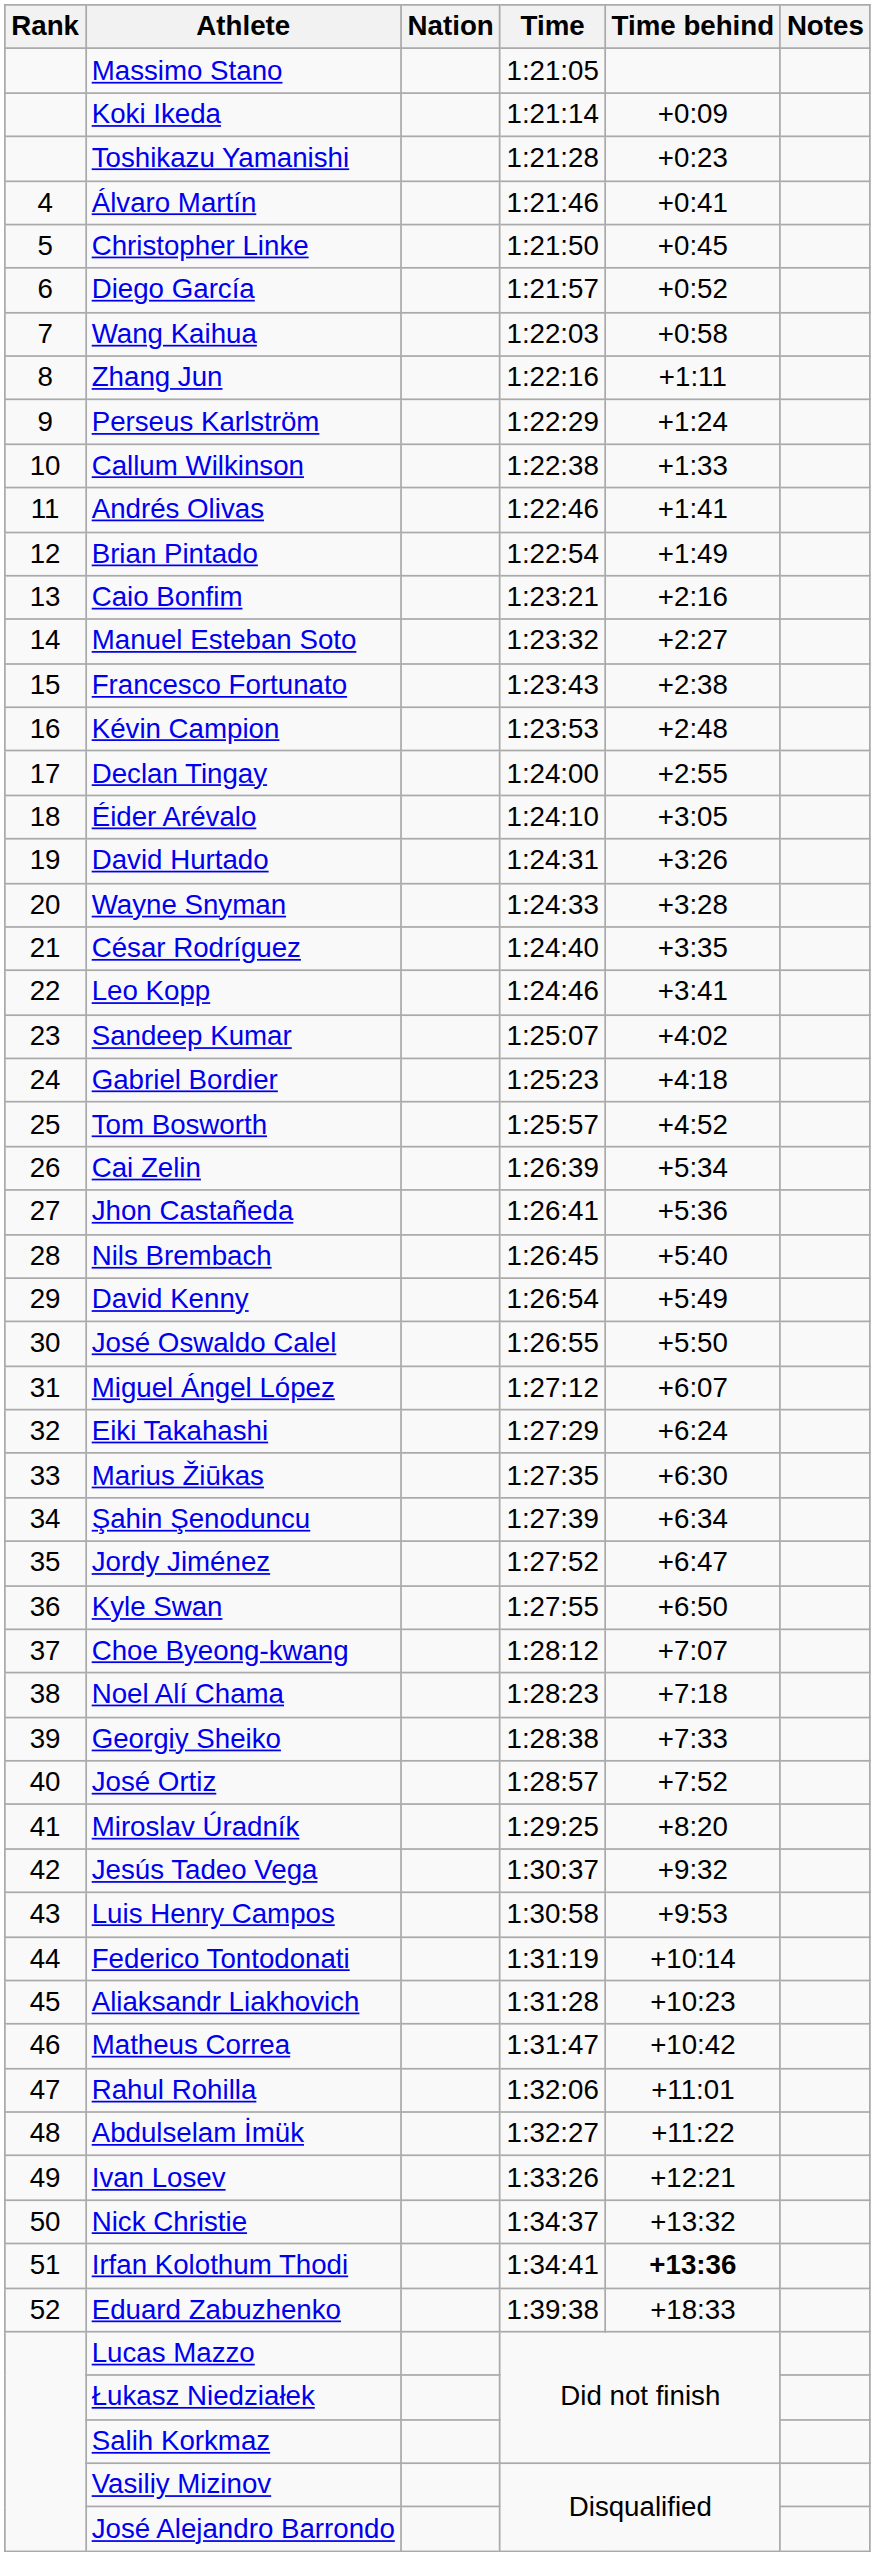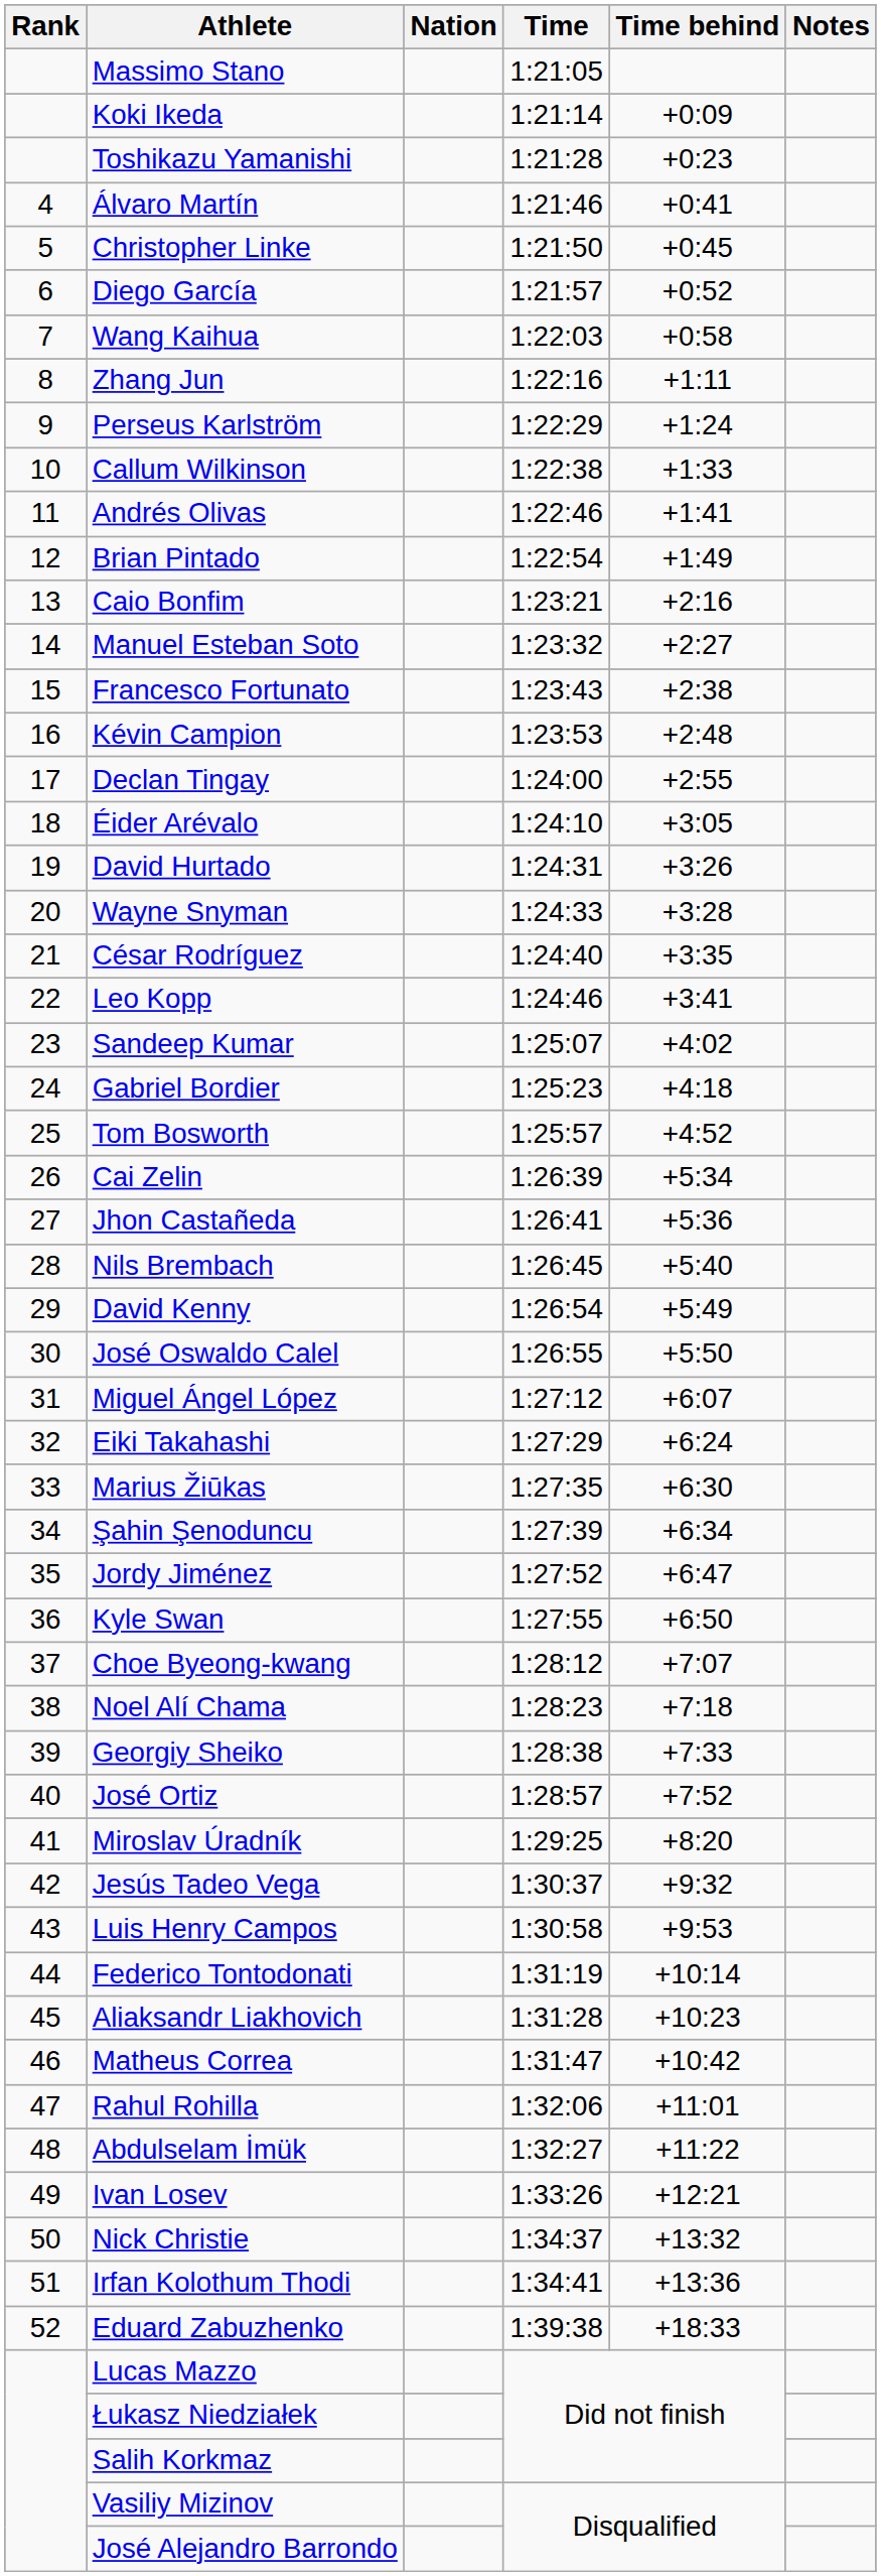 <table class="wikitable sortable" style="text-align:center">
 <tr>
 <th>Rank</th>
 <th>Athlete</th>
 <th>Nation</th>
 <th>Time</th>
 <th>Time behind</th>
 <th>Notes</th>
 </tr>
 <tr>
 <td></td>
 <td align=left><a href='#'>Massimo Stano</a></td>
 <td align=left></td>
 <td>1:21:05</td>
 <td></td>
 <td></td>
 </tr>
 <tr>
 <td></td>
 <td align=left><a href='#'>Koki Ikeda</a></td>
 <td align=left></td>
 <td>1:21:14</td>
 <td>+0:09</td>
 <td></td>
 </tr>
 <tr>
 <td></td>
 <td align=left><a href='#'>Toshikazu Yamanishi</a></td>
 <td align=left></td>
 <td>1:21:28</td>
 <td>+0:23</td>
 <td></td>
 </tr>
 <tr>
 <td>4</td>
 <td align=left><a href='#'>Álvaro Martín</a></td>
 <td align=left></td>
 <td>1:21:46</td>
 <td>+0:41</td>
 <td></td>
 </tr>
 <tr>
 <td>5</td>
 <td align=left><a href='#'>Christopher Linke</a></td>
 <td align=left></td>
 <td>1:21:50</td>
 <td>+0:45</td>
 <td></td>
 </tr>
 <tr>
 <td>6</td>
 <td align=left><a href='#'>Diego García</a></td>
 <td align=left></td>
 <td>1:21:57</td>
 <td>+0:52</td>
 <td></td>
 </tr>
 <tr>
 <td>7</td>
 <td align=left><a href='#'>Wang Kaihua</a></td>
 <td align=left></td>
 <td>1:22:03</td>
 <td>+0:58</td>
 <td></td>
 </tr>
 <tr>
 <td>8</td>
 <td align=left><a href='#'>Zhang Jun</a></td>
 <td align=left></td>
 <td>1:22:16</td>
 <td>+1:11</td>
 <td></td>
 </tr>
 <tr>
 <td>9</td>
 <td align=left><a href='#'>Perseus Karlström</a></td>
 <td align=left></td>
 <td>1:22:29</td>
 <td>+1:24</td>
 <td></td>
 </tr>
 <tr>
 <td>10</td>
 <td align=left><a href='#'>Callum Wilkinson</a></td>
 <td align=left></td>
 <td>1:22:38</td>
 <td>+1:33</td>
 <td></td>
 </tr>
 <tr>
 <td>11</td>
 <td align=left><a href='#'>Andrés Olivas</a></td>
 <td align=left></td>
 <td>1:22:46</td>
 <td>+1:41</td>
 <td></td>
 </tr>
 <tr>
 <td>12</td>
 <td align=left><a href='#'>Brian Pintado</a></td>
 <td align=left></td>
 <td>1:22:54</td>
 <td>+1:49</td>
 <td></td>
 </tr>
 <tr>
 <td>13</td>
 <td align=left><a href='#'>Caio Bonfim</a></td>
 <td align=left></td>
 <td>1:23:21</td>
 <td>+2:16</td>
 <td></td>
 </tr>
 <tr>
 <td>14</td>
 <td align=left><a href='#'>Manuel Esteban Soto</a></td>
 <td align=left></td>
 <td>1:23:32</td>
 <td>+2:27</td>
 <td></td>
 </tr>
 <tr>
 <td>15</td>
 <td align=left><a href='#'>Francesco Fortunato</a></td>
 <td align=left></td>
 <td>1:23:43</td>
 <td>+2:38</td>
 <td></td>
 </tr>
 <tr>
 <td>16</td>
 <td align=left><a href='#'>Kévin Campion</a></td>
 <td align=left></td>
 <td>1:23:53</td>
 <td>+2:48</td>
 <td></td>
 </tr>
 <tr>
 <td>17</td>
 <td align=left><a href='#'>Declan Tingay</a></td>
 <td align=left></td>
 <td>1:24:00</td>
 <td>+2:55</td>
 <td></td>
 </tr>
 <tr>
 <td>18</td>
 <td align=left><a href='#'>Éider Arévalo</a></td>
 <td align=left></td>
 <td>1:24:10</td>
 <td>+3:05</td>
 <td></td>
 </tr>
 <tr>
 <td>19</td>
 <td align=left><a href='#'>David Hurtado</a></td>
 <td align=left></td>
 <td>1:24:31</td>
 <td>+3:26</td>
 <td></td>
 </tr>
 <tr>
 <td>20</td>
 <td align=left><a href='#'>Wayne Snyman</a></td>
 <td align=left></td>
 <td>1:24:33</td>
 <td>+3:28</td>
 <td></td>
 </tr>
 <tr>
 <td>21</td>
 <td align=left><a href='#'>César Rodríguez</a></td>
 <td align=left></td>
 <td>1:24:40</td>
 <td>+3:35</td>
 <td></td>
 </tr>
 <tr>
 <td>22</td>
 <td align=left><a href='#'>Leo Kopp</a></td>
 <td align=left></td>
 <td>1:24:46</td>
 <td>+3:41</td>
 <td></td>
 </tr>
 <tr>
 <td>23</td>
 <td align=left><a href='#'>Sandeep Kumar</a></td>
 <td align=left></td>
 <td>1:25:07</td>
 <td>+4:02</td>
 <td></td>
 </tr>
 <tr>
 <td>24</td>
 <td align=left><a href='#'>Gabriel Bordier</a></td>
 <td align=left></td>
 <td>1:25:23</td>
 <td>+4:18</td>
 <td></td>
 </tr>
 <tr>
 <td>25</td>
 <td align=left><a href='#'>Tom Bosworth</a></td>
 <td align=left></td>
 <td>1:25:57</td>
 <td>+4:52</td>
 <td></td>
 </tr>
 <tr>
 <td>26</td>
 <td align=left><a href='#'>Cai Zelin</a></td>
 <td align=left></td>
 <td>1:26:39</td>
 <td>+5:34</td>
 <td></td>
 </tr>
 <tr>
 <td>27</td>
 <td align=left><a href='#'>Jhon Castañeda</a></td>
 <td align=left></td>
 <td>1:26:41</td>
 <td>+5:36</td>
 <td></td>
 </tr>
 <tr>
 <td>28</td>
 <td align=left><a href='#'>Nils Brembach</a></td>
 <td align=left></td>
 <td>1:26:45</td>
 <td>+5:40</td>
 <td></td>
 </tr>
 <tr>
 <td>29</td>
 <td align=left><a href='#'>David Kenny</a></td>
 <td align=left></td>
 <td>1:26:54</td>
 <td>+5:49</td>
 <td></td>
 </tr>
 <tr>
 <td>30</td>
 <td align=left><a href='#'>José Oswaldo Calel</a></td>
 <td align=left></td>
 <td>1:26:55</td>
 <td>+5:50</td>
 <td></td>
 </tr>
 <tr>
 <td>31</td>
 <td align=left><a href='#'>Miguel Ángel López</a></td>
 <td align=left></td>
 <td>1:27:12</td>
 <td>+6:07</td>
 <td></td>
 </tr>
 <tr>
 <td>32</td>
 <td align=left><a href='#'>Eiki Takahashi</a></td>
 <td align=left></td>
 <td>1:27:29</td>
 <td>+6:24</td>
 <td></td>
 </tr>
 <tr>
 <td>33</td>
 <td align=left><a href='#'>Marius Žiūkas</a></td>
 <td align=left></td>
 <td>1:27:35</td>
 <td>+6:30</td>
 <td></td>
 </tr>
 <tr>
 <td>34</td>
 <td align=left><a href='#'>Şahin Şenoduncu</a></td>
 <td align=left></td>
 <td>1:27:39</td>
 <td>+6:34</td>
 <td></td>
 </tr>
 <tr>
 <td>35</td>
 <td align=left><a href='#'>Jordy Jiménez</a></td>
 <td align=left></td>
 <td>1:27:52</td>
 <td>+6:47</td>
 <td></td>
 </tr>
 <tr>
 <td>36</td>
 <td align=left><a href='#'>Kyle Swan</a></td>
 <td align=left></td>
 <td>1:27:55</td>
 <td>+6:50</td>
 <td></td>
 </tr>
 <tr>
 <td>37</td>
 <td align=left><a href='#'>Choe Byeong-kwang</a></td>
 <td align=left></td>
 <td>1:28:12</td>
 <td>+7:07</td>
 <td></td>
 </tr>
 <tr>
 <td>38</td>
 <td align=left><a href='#'>Noel Alí Chama</a></td>
 <td align=left></td>
 <td>1:28:23</td>
 <td>+7:18</td>
 <td></td>
 </tr>
 <tr>
 <td>39</td>
 <td align=left><a href='#'>Georgiy Sheiko</a></td>
 <td align=left></td>
 <td>1:28:38</td>
 <td>+7:33</td>
 <td></td>
 </tr>
 <tr>
 <td>40</td>
 <td align=left><a href='#'>José Ortiz</a></td>
 <td align=left></td>
 <td>1:28:57</td>
 <td>+7:52</td>
 <td></td>
 </tr>
 <tr>
 <td>41</td>
 <td align=left><a href='#'>Miroslav Úradník</a></td>
 <td align=left></td>
 <td>1:29:25</td>
 <td>+8:20</td>
 <td></td>
 </tr>
 <tr>
 <td>42</td>
 <td align=left><a href='#'>Jesús Tadeo Vega</a></td>
 <td align=left></td>
 <td>1:30:37</td>
 <td>+9:32</td>
 <td></td>
 </tr>
 <tr>
 <td>43</td>
 <td align=left><a href='#'>Luis Henry Campos</a></td>
 <td align=left></td>
 <td>1:30:58</td>
 <td>+9:53</td>
 <td></td>
 </tr>
 <tr>
 <td>44</td>
 <td align=left><a href='#'>Federico Tontodonati</a></td>
 <td align=left></td>
 <td>1:31:19</td>
 <td>+10:14</td>
 <td></td>
 </tr>
 <tr>
 <td>45</td>
 <td align=left><a href='#'>Aliaksandr Liakhovich</a></td>
 <td align=left></td>
 <td>1:31:28</td>
 <td>+10:23</td>
 <td></td>
 </tr>
 <tr>
 <td>46</td>
 <td align=left><a href='#'>Matheus Correa</a></td>
 <td align=left></td>
 <td>1:31:47</td>
 <td>+10:42</td>
 <td></td>
 </tr>
 <tr>
 <td>47</td>
 <td align=left><a href='#'>Rahul Rohilla</a></td>
 <td align=left></td>
 <td>1:32:06</td>
 <td>+11:01</td>
 <td></td>
 </tr>
 <tr>
 <td>48</td>
 <td align=left><a href='#'>Abdulselam İmük</a></td>
 <td align=left></td>
 <td>1:32:27</td>
 <td>+11:22</td>
 <td></td>
 </tr>
 <tr>
 <td>49</td>
 <td align=left><a href='#'>Ivan Losev</a></td>
 <td align=left></td>
 <td>1:33:26</td>
 <td>+12:21</td>
 <td></td>
 </tr>
 <tr>
 <td>50</td>
 <td align=left><a href='#'>Nick Christie</a></td>
 <td align=left></td>
 <td>1:34:37</td>
 <td>+13:32</td>
 <td></td>
 </tr>
 <tr>
 <td>51</td>
 <td align=left><a href='#'>Irfan Kolothum Thodi</a></td>
 <td align=left></td>
 <td>1:34:41</td>
-<td><strong>+13:36</strong></td>
+<td>+13:36</td>
 <td></td>
 </tr>
 <tr>
 <td>52</td>
 <td align=left><a href='#'>Eduard Zabuzhenko</a></td>
 <td align=left></td>
 <td>1:39:38</td>
 <td>+18:33</td>
 <td></td>
 </tr>
 <tr>
 <td rowspan=5></td>
 <td align=left><a href='#'>Lucas Mazzo</a></td>
 <td align=left></td>
 <td colspan=2 rowspan=3>Did not finish</td>
 <td></td>
 </tr>
 <tr>
 <td align=left><a href='#'>Łukasz Niedziałek</a></td>
 <td align=left></td>
 <td></td>
 </tr>
 <tr>
 <td align=left><a href='#'>Salih Korkmaz</a></td>
 <td align=left></td>
 <td></td>
 </tr>
 <tr>
 <td align=left><a href='#'>Vasiliy Mizinov</a></td>
 <td align=left></td>
 <td colspan=2 rowspan=2>Disqualified</td>
 <td></td>
 </tr>
 <tr>
 <td align=left><a href='#'>José Alejandro Barrondo</a></td>
 <td align=left></td>
 <td></td>
 </tr>
 </table>
